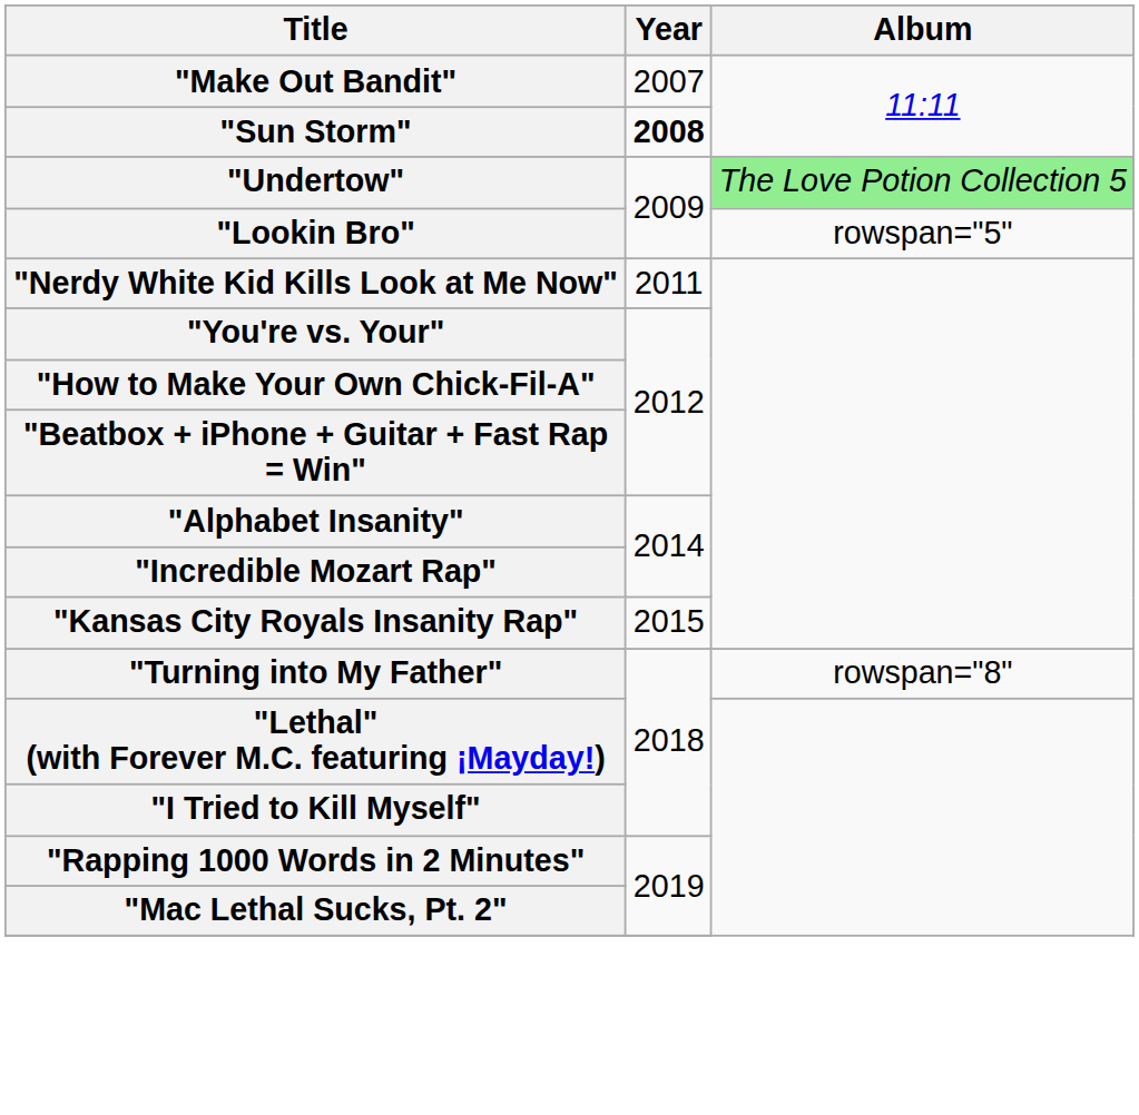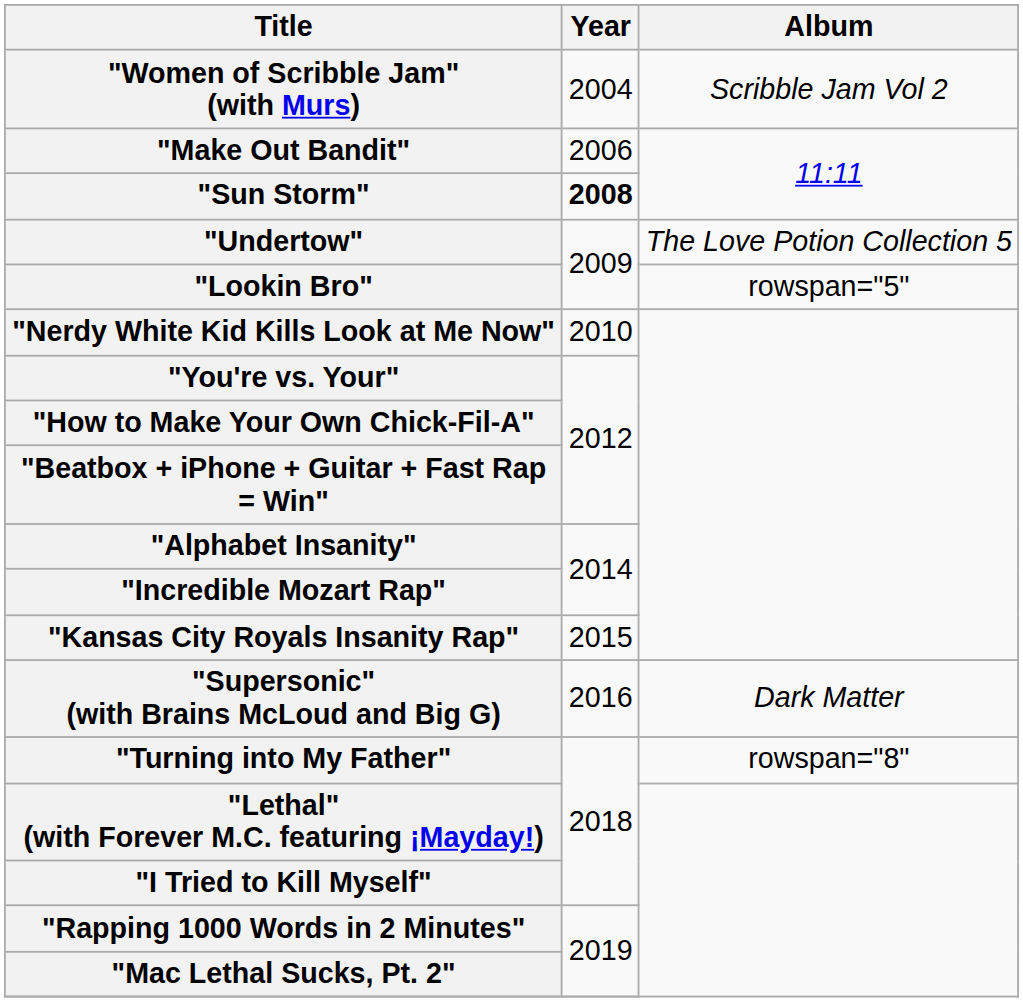 <table class="wikitable plainrowheaders" style="text-align:center;">
 <tr>
 <th scope="col" style="width:19em;">Title</th>
 <th scope="col">Year</th>
 <th scope="col">Album</th>
 </tr>
 <tr>
+<th scope="row">"Women of Scribble Jam"<br><span>(with <a href='#'>Murs</a>)</span></th>
+<td>2004</td>
+<td><em>Scribble Jam Vol 2</em></td>
+</tr>
+<tr>
 <th scope="row">"Make Out Bandit"</th>
-<td>2007</td>
+<td>2006</td>
 <td rowspan="2"><em><a href='#'>11:11</a></em></td>
 </tr>
 <tr>
 <th scope="row">"Sun Storm"</th>
 <td><strong>2008</strong></td>
 </tr>
 <tr>
 <th scope="row">"Undertow"</th>
 <td rowspan="2">2009</td>
-<td style="background: lightgreen;"><em>The Love Potion Collection 5</em></td>
+<td><em>The Love Potion Collection 5</em></td>
 </tr>
 <tr>
 <th scope="row">"Lookin Bro"</th>
 <td>rowspan="5" </td>
 </tr>
 <tr>
 <th scope="row">"Nerdy White Kid Kills Look at Me Now"</th>
-<td>2011</td>
+<td>2010</td>
 </tr>
 <tr>
 <th scope="row">"You're vs. Your"</th>
 <td rowspan="3">2012</td>
 </tr>
 <tr>
 <th scope="row">"How to Make Your Own Chick-Fil-A"</th>
 </tr>
 <tr>
 <th scope="row">"Beatbox + iPhone + Guitar + Fast Rap = Win"</th>
 </tr>
 <tr>
 <th scope="row">"Alphabet Insanity"</th>
 <td rowspan="2">2014</td>
 </tr>
 <tr>
 <th scope="row">"Incredible Mozart Rap"</th>
 </tr>
 <tr>
 <th scope="row">"Kansas City Royals Insanity Rap"</th>
 <td>2015</td>
 </tr>
 <tr>
+<th scope="row">"Supersonic"<br><span>(with Brains McLoud and Big G)</span></th>
+<td>2016</td>
+<td><em>Dark Matter</em></td>
+</tr>
+<tr>
 <th scope="row">"Turning into My Father"</th>
 <td rowspan="3">2018</td>
 <td>rowspan="8" </td>
 </tr>
 <tr>
 <th scope="row">"Lethal"<br><span>(with Forever M.C. featuring <a href='#'>¡Mayday!</a>)</span></th>
 </tr>
 <tr>
 <th scope="row">"I Tried to Kill Myself"</th>
 </tr>
 <tr>
 <th scope="row">"Rapping 1000 Words in 2 Minutes"</th>
 <td rowspan="2">2019</td>
 </tr>
 <tr>
 <th scope="row">"Mac Lethal Sucks, Pt. 2"</th>
 </tr>
 <tr>
 </tr>
 </table>
